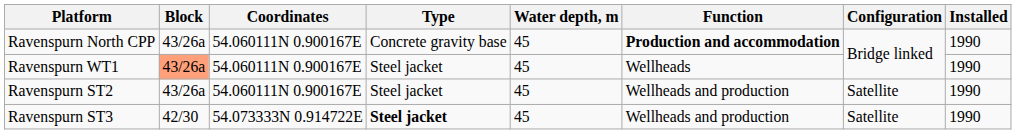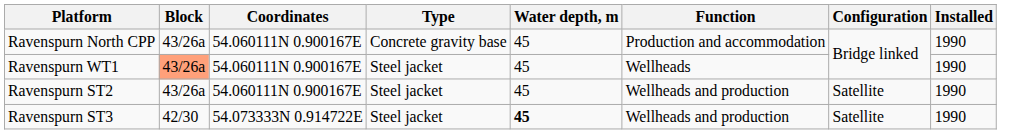 <table class="wikitable">
 <tr>
 <th>Platform</th>
 <th>Block</th>
 <th>Coordinates</th>
 <th>Type</th>
 <th>Water depth, m</th>
 <th>Function</th>
 <th>Configuration</th>
 <th>Installed</th>
 </tr>
 <tr>
 <td>Ravenspurn North CPP</td>
 <td>43/26a</td>
 <td>54.060111N 0.900167E</td>
 <td>Concrete gravity base</td>
 <td>45</td>
-<td><strong>Production and accommodation</strong></td>
+<td>Production and accommodation</td>
 <td rowspan="2">Bridge linked</td>
 <td>1990</td>
 </tr>
 <tr>
 <td>Ravenspurn WT1</td>
 <td style="background: lightsalmon;">43/26a</td>
 <td>54.060111N 0.900167E</td>
 <td>Steel jacket</td>
 <td>45</td>
 <td>Wellheads</td>
 <td>1990</td>
 </tr>
 <tr>
 <td>Ravenspurn ST2</td>
 <td>43/26a</td>
 <td>54.060111N 0.900167E</td>
 <td>Steel jacket</td>
 <td>45</td>
 <td>Wellheads and production</td>
 <td>Satellite</td>
 <td>1990</td>
 </tr>
 <tr>
 <td>Ravenspurn ST3</td>
 <td>42/30</td>
 <td>54.073333N 0.914722E</td>
-<td><strong>Steel jacket</strong></td>
-<td>45</td>
+<td>Steel jacket</td>
+<td><strong>45</strong></td>
 <td>Wellheads and production</td>
 <td>Satellite</td>
 <td>1990</td>
 </tr>
 </table>
